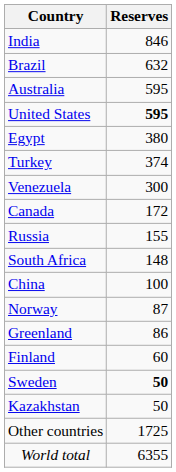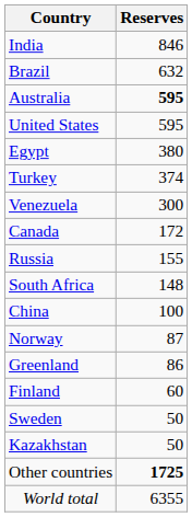 <table class="wikitable sortable collapsible" cellpadding="3" rules="all" style="background:#f9f9f9; border:1px #aaa solid">
 <tr>
 <th>Country</th>
 <th data-sort-type="number">Reserves</th>
 </tr>
 <tr>
 <td><a href='#'>India</a></td>
 <td align="right">846</td>
 </tr>
 <tr>
 <td><a href='#'>Brazil</a></td>
 <td align="right">632</td>
 </tr>
 <tr>
 <td><a href='#'>Australia</a></td>
-<td align="right">595</td>
+<td align="right"><strong>595</strong></td>
 </tr>
 <tr>
 <td><a href='#'>United States</a></td>
-<td align="right"><strong>595</strong></td>
+<td align="right">595</td>
 </tr>
 <tr>
 <td><a href='#'>Egypt</a></td>
 <td align="right">380</td>
 </tr>
 <tr>
 <td><a href='#'>Turkey</a></td>
 <td align="right">374</td>
 </tr>
 <tr>
 <td><a href='#'>Venezuela</a></td>
 <td align="right">300</td>
 </tr>
 <tr>
 <td><a href='#'>Canada</a></td>
 <td align="right">172</td>
 </tr>
 <tr>
 <td><a href='#'>Russia</a></td>
 <td align="right">155</td>
 </tr>
 <tr>
 <td><a href='#'>South Africa</a></td>
 <td align="right">148</td>
 </tr>
 <tr>
 <td><a href='#'>China</a></td>
 <td align="right">100</td>
 </tr>
 <tr>
 <td><a href='#'>Norway</a></td>
 <td align="right">87</td>
 </tr>
 <tr>
 <td><a href='#'>Greenland</a></td>
 <td align="right">86</td>
 </tr>
 <tr>
 <td><a href='#'>Finland</a></td>
 <td align="right">60</td>
 </tr>
 <tr>
 <td><a href='#'>Sweden</a></td>
-<td align="right"><strong>50</strong></td>
+<td align="right">50</td>
 </tr>
 <tr>
 <td><a href='#'>Kazakhstan</a></td>
 <td align="right">50</td>
 </tr>
 <tr>
 <td>Other countries</td>
-<td align="right">1725</td>
+<td align="right"><strong>1725</strong></td>
 </tr>
 <tr>
 <td align="center"><em>World total</em></td>
 <td align="right">6355</td>
 </tr>
 </table>
